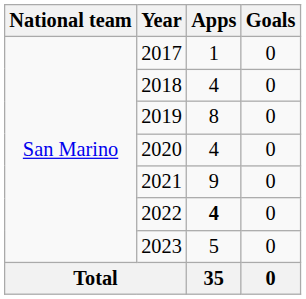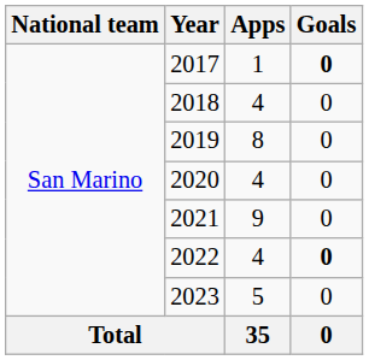 <table class="wikitable" style="text-align:center">
 <tr>
 <th>National team</th>
 <th>Year</th>
 <th>Apps</th>
 <th>Goals</th>
 </tr>
 <tr>
 <td rowspan="7"><a href='#'>San Marino</a></td>
 <td>2017</td>
 <td>1</td>
-<td>0</td>
+<td><strong>0</strong></td>
 </tr>
 <tr>
 <td>2018</td>
 <td>4</td>
 <td>0</td>
 </tr>
 <tr>
 <td>2019</td>
 <td>8</td>
 <td>0</td>
 </tr>
 <tr>
 <td>2020</td>
 <td>4</td>
 <td>0</td>
 </tr>
 <tr>
 <td>2021</td>
 <td>9</td>
 <td>0</td>
 </tr>
 <tr>
 <td>2022</td>
-<td><strong>4</strong></td>
-<td>0</td>
+<td>4</td>
+<td><strong>0</strong></td>
 </tr>
 <tr>
 <td>2023</td>
 <td>5</td>
 <td>0</td>
 </tr>
 <tr>
 <th colspan=2>Total</th>
 <th>35</th>
 <th>0</th>
 </tr>
 </table>
